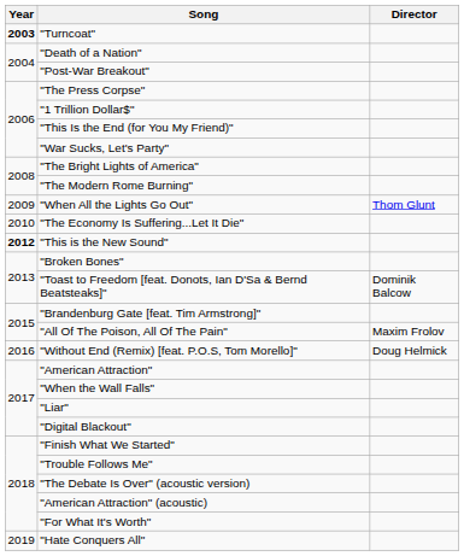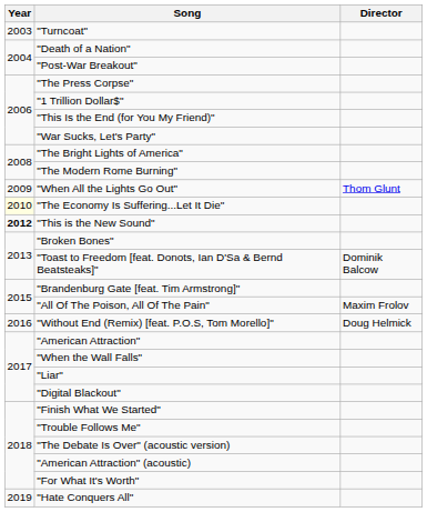 <table class="wikitable">
 <tr>
 <th>Year</th>
 <th>Song</th>
 <th>Director</th>
 </tr>
 <tr>
-<td><strong>2003</strong></td>
+<td>2003</td>
 <td>"Turncoat"</td>
 <td></td>
 </tr>
 <tr>
 <td rowspan="2">2004</td>
 <td>"Death of a Nation"</td>
 <td></td>
 </tr>
 <tr>
 <td>"Post-War Breakout"</td>
 <td></td>
 </tr>
 <tr>
 <td rowspan="4">2006</td>
 <td>"The Press Corpse"</td>
 <td></td>
 </tr>
 <tr>
 <td>"1 Trillion Dollar$"</td>
 <td></td>
 </tr>
 <tr>
 <td>"This Is the End (for You My Friend)"</td>
 <td></td>
 </tr>
 <tr>
 <td>"War Sucks, Let's Party"</td>
 <td></td>
 </tr>
 <tr>
 <td rowspan="2">2008</td>
 <td>"The Bright Lights of America"</td>
 <td></td>
 </tr>
 <tr>
 <td>"The Modern Rome Burning"</td>
 <td></td>
 </tr>
 <tr>
 <td>2009</td>
 <td>"When All the Lights Go Out"</td>
 <td><a href='#'>Thom Glunt</a></td>
 </tr>
 <tr>
-<td>2010</td>
+<td style="background: lightyellow;">2010</td>
 <td>"The Economy Is Suffering...Let It Die"</td>
 <td></td>
 </tr>
 <tr>
 <td><strong>2012</strong></td>
 <td>"This is the New Sound"</td>
 <td></td>
 </tr>
 <tr>
 <td rowspan="2">2013</td>
 <td>"Broken Bones"</td>
 <td></td>
 </tr>
 <tr>
 <td>"Toast to Freedom [feat. Donots, Ian D'Sa & Bernd Beatsteaks]"</td>
 <td>Dominik Balcow</td>
 </tr>
 <tr>
 <td rowspan="2">2015</td>
 <td>"Brandenburg Gate [feat. Tim Armstrong]"</td>
 <td></td>
 </tr>
 <tr>
 <td>"All Of The Poison, All Of The Pain"</td>
 <td>Maxim Frolov</td>
 </tr>
 <tr>
 <td>2016</td>
 <td>"Without End (Remix) [feat. P.O.S, Tom Morello]"</td>
 <td>Doug Helmick</td>
 </tr>
 <tr>
 <td rowspan="4">2017</td>
 <td>"American Attraction"</td>
 <td></td>
 </tr>
 <tr>
 <td>"When the Wall Falls"</td>
 <td></td>
 </tr>
 <tr>
 <td>"Liar"</td>
 <td></td>
 </tr>
 <tr>
 <td>"Digital Blackout"</td>
 <td></td>
 </tr>
 <tr>
 <td rowspan="5">2018</td>
 <td>"Finish What We Started"</td>
 <td></td>
 </tr>
 <tr>
 <td>"Trouble Follows Me"</td>
 <td></td>
 </tr>
 <tr>
 <td>"The Debate Is Over" (acoustic version)</td>
 <td></td>
 </tr>
 <tr>
 <td>"American Attraction" (acoustic)</td>
 <td></td>
 </tr>
 <tr>
 <td>"For What It's Worth"</td>
 <td></td>
 </tr>
 <tr>
 <td>2019</td>
 <td>"Hate Conquers All"</td>
 <td></td>
 </tr>
 </table>
